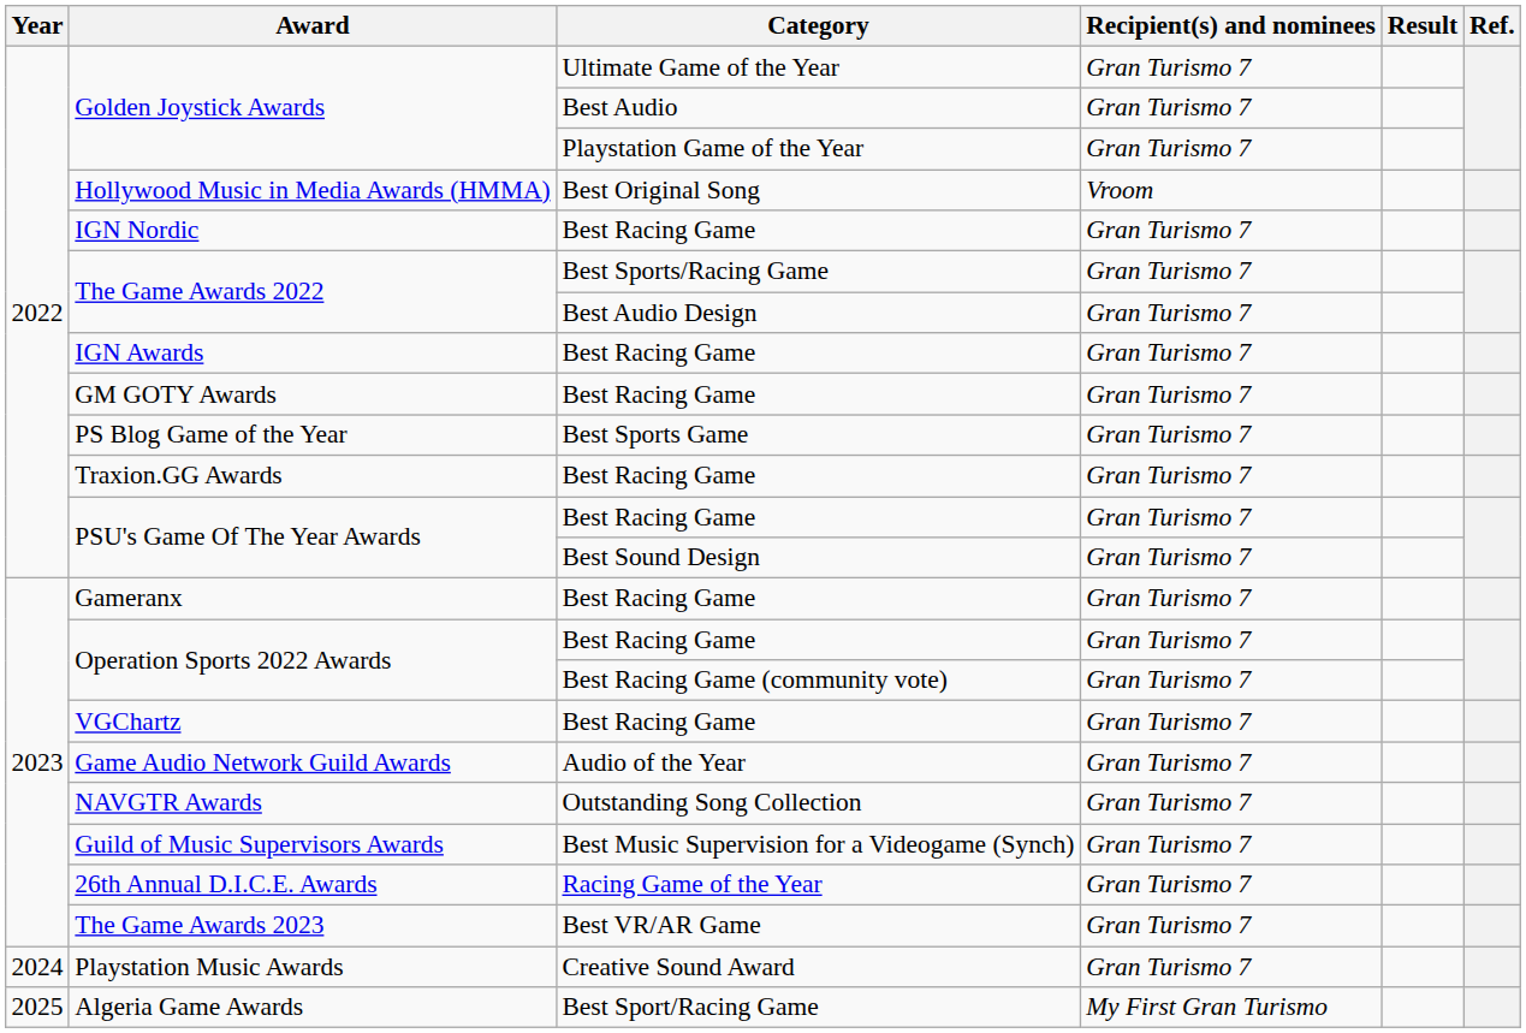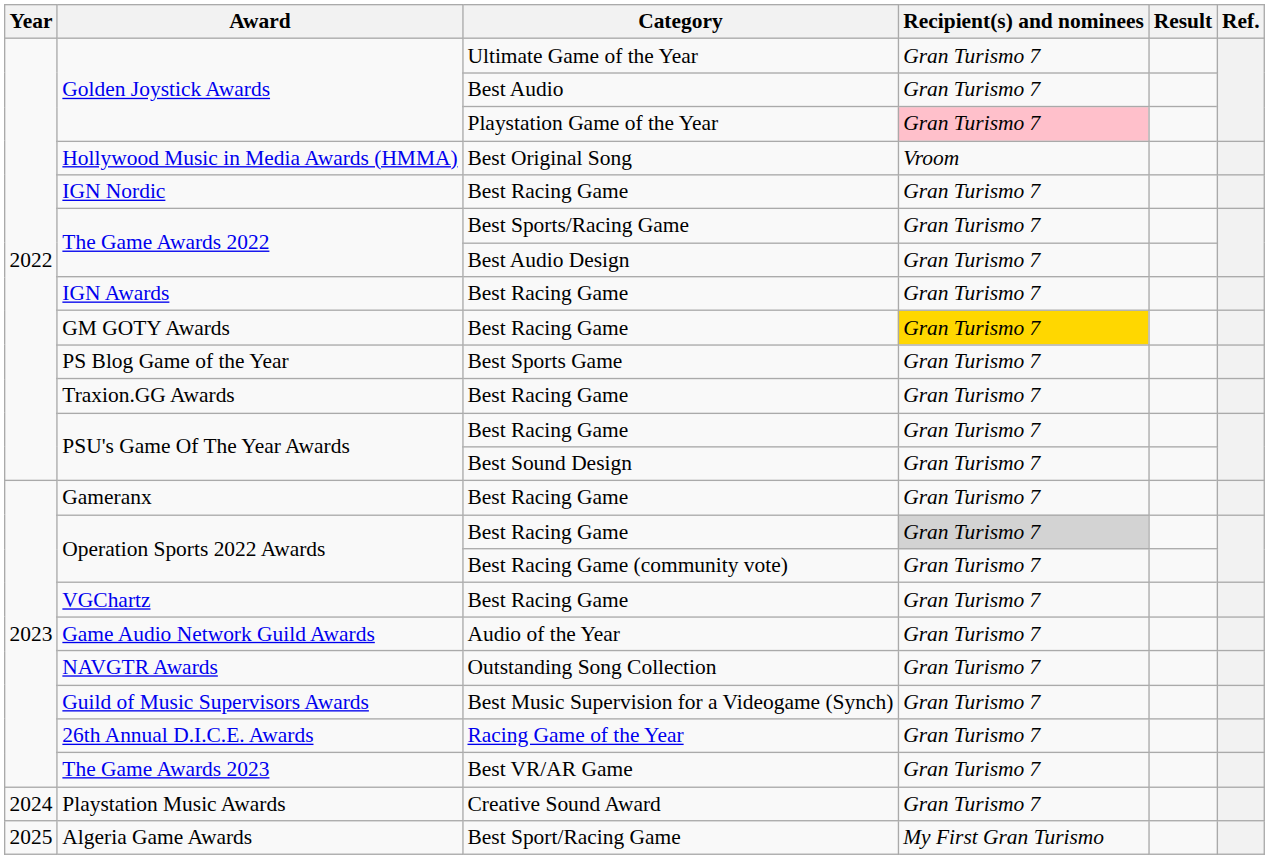 <table class="wikitable sortable">
 <tr>
 <th>Year</th>
 <th>Award</th>
 <th>Category</th>
 <th>Recipient(s) and nominees</th>
 <th>Result</th>
 <th>Ref.</th>
 </tr>
 <tr>
 <td rowspan="13">2022</td>
 <td rowspan="3"><a href='#'>Golden Joystick Awards</a></td>
 <td>Ultimate Game of the Year</td>
 <td><em>Gran Turismo 7</em></td>
 <td></td>
 <th rowspan="3"></th>
 </tr>
 <tr>
 <td>Best Audio</td>
 <td><em>Gran Turismo 7</em></td>
 <td></td>
 </tr>
 <tr>
 <td>Playstation Game of the Year</td>
-<td><em>Gran Turismo 7</em></td>
+<td style="background: pink;"><em>Gran Turismo 7</em></td>
 <td></td>
 </tr>
 <tr>
 <td><a href='#'>Hollywood Music in Media Awards (HMMA)</a></td>
 <td>Best Original Song</td>
 <td><em>Vroom</em></td>
 <td></td>
 <th></th>
 </tr>
 <tr>
 <td><a href='#'>IGN Nordic</a></td>
 <td>Best Racing Game</td>
 <td><em>Gran Turismo 7</em></td>
 <td></td>
 <th></th>
 </tr>
 <tr>
 <td rowspan="2"><a href='#'>The Game Awards 2022</a></td>
 <td>Best Sports/Racing Game</td>
 <td><em>Gran Turismo 7</em></td>
 <td></td>
 <th rowspan="2"></th>
 </tr>
 <tr>
 <td>Best Audio Design</td>
 <td><em>Gran Turismo 7</em></td>
 <td></td>
 </tr>
 <tr>
 <td><a href='#'>IGN Awards</a></td>
 <td>Best Racing Game</td>
 <td><em>Gran Turismo 7</em></td>
 <td></td>
 <th></th>
 </tr>
 <tr>
 <td>GM GOTY Awards</td>
 <td>Best Racing Game</td>
-<td><em>Gran Turismo 7</em></td>
+<td style="background: gold;"><em>Gran Turismo 7</em></td>
 <td></td>
 <th></th>
 </tr>
 <tr>
 <td>PS Blog Game of the Year</td>
 <td>Best Sports Game</td>
 <td><em>Gran Turismo 7</em></td>
 <td></td>
 <th></th>
 </tr>
 <tr>
 <td>Traxion.GG Awards</td>
 <td>Best Racing Game</td>
 <td><em>Gran Turismo 7</em></td>
 <td></td>
 <th></th>
 </tr>
 <tr>
 <td rowspan="2">PSU's Game Of The Year Awards</td>
 <td>Best Racing Game</td>
 <td><em>Gran Turismo 7</em></td>
 <td></td>
 <th rowspan="2"></th>
 </tr>
 <tr>
 <td>Best Sound Design</td>
 <td><em>Gran Turismo 7</em></td>
 <td></td>
 </tr>
 <tr>
 <td rowspan="9">2023</td>
 <td>Gameranx</td>
 <td>Best Racing Game</td>
 <td><em>Gran Turismo 7</em></td>
 <td></td>
 <th></th>
 </tr>
 <tr>
 <td rowspan="2">Operation Sports 2022 Awards</td>
 <td>Best Racing Game</td>
-<td><em>Gran Turismo 7</em></td>
+<td style="background: lightgrey;"><em>Gran Turismo 7</em></td>
 <td></td>
 <th rowspan="2"></th>
 </tr>
 <tr>
 <td>Best Racing Game (community vote)</td>
 <td><em>Gran Turismo 7</em></td>
 <td></td>
 </tr>
 <tr>
 <td><a href='#'>VGChartz</a></td>
 <td>Best Racing Game</td>
 <td><em>Gran Turismo 7</em></td>
 <td></td>
 <th></th>
 </tr>
 <tr>
 <td><a href='#'>Game Audio Network Guild Awards</a></td>
 <td>Audio of the Year</td>
 <td><em>Gran Turismo 7</em></td>
 <td></td>
 <th></th>
 </tr>
 <tr>
 <td><a href='#'>NAVGTR Awards</a></td>
 <td>Outstanding Song Collection</td>
 <td><em>Gran Turismo 7</em></td>
 <td></td>
 <th></th>
 </tr>
 <tr>
 <td><a href='#'>Guild of Music Supervisors Awards</a></td>
 <td>Best Music Supervision for a Videogame (Synch)</td>
 <td><em>Gran Turismo 7</em></td>
 <td></td>
 <th></th>
 </tr>
 <tr>
 <td><a href='#'>26th Annual D.I.C.E. Awards</a></td>
 <td><a href='#'>Racing Game of the Year</a></td>
 <td><em>Gran Turismo 7</em></td>
 <td></td>
 <th></th>
 </tr>
 <tr>
 <td><a href='#'>The Game Awards 2023</a></td>
 <td>Best VR/AR Game</td>
 <td><em>Gran Turismo 7</em></td>
 <td></td>
 <th></th>
 </tr>
 <tr>
 <td>2024</td>
 <td>Playstation Music Awards</td>
 <td>Creative Sound Award</td>
 <td><em>Gran Turismo 7</em></td>
 <td></td>
 <th></th>
 </tr>
 <tr>
 <td>2025</td>
 <td>Algeria Game Awards</td>
 <td>Best Sport/Racing Game</td>
 <td><em>My First Gran Turismo</em></td>
 <td></td>
 <th></th>
 </tr>
 </table>
